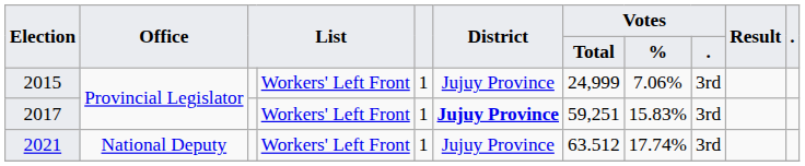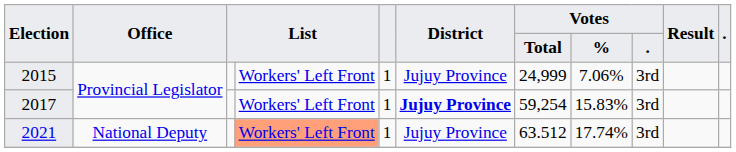 <table class="wikitable" style="font-size:90%; text-align:center;">
 <tr>
 <th style="background-color:#EAECF0;" rowspan=2>Election</th>
 <th style="background-color:#EAECF0;" rowspan=2>Office</th>
 <th style="background-color:#EAECF0;" colspan=2 rowspan=2>List</th>
 <th style="background-color:#EAECF0;" rowspan=2></th>
 <th style="background-color:#EAECF0;" rowspan=2>District</th>
 <th style="background-color:#EAECF0;" colspan=3>Votes</th>
 <th style="background-color:#EAECF0;" rowspan=2>Result</th>
 <th style="background-color:#EAECF0;" rowspan=2>.</th>
 </tr>
 <tr>
 <th style="background-color:#EAECF0;">Total</th>
 <th style="background-color:#EAECF0;">%</th>
 <th style="background-color:#EAECF0;">.</th>
 </tr>
 <tr>
 <td style="background-color:#EAECF0;">2015</td>
 <td rowspan="2"><a href='#'>Provincial Legislator</a></td>
 <td style="background-color:"></td>
 <td><a href='#'>Workers' Left Front</a></td>
 <td>1</td>
 <td><a href='#'>Jujuy Province</a></td>
 <td>24,999</td>
 <td>7.06%</td>
 <td>3rd</td>
 <td></td>
 <td></td>
 </tr>
 <tr>
 <td style="background-color:#EAECF0;">2017</td>
 <td style="background-color:"></td>
 <td><a href='#'>Workers' Left Front</a></td>
 <td>1</td>
 <td><strong><a href='#'>Jujuy Province</a></strong></td>
-<td>59,251</td>
+<td>59,254</td>
 <td>15.83%</td>
 <td>3rd</td>
 <td></td>
 <td></td>
 </tr>
 <tr>
 <td style="background-color:#EAECF0;"><a href='#'>2021</a></td>
 <td><a href='#'>National Deputy</a></td>
 <td style="background-color:"></td>
-<td><a href='#'>Workers' Left Front</a></td>
+<td style="background: lightsalmon;"><a href='#'>Workers' Left Front</a></td>
 <td>1</td>
 <td><a href='#'>Jujuy Province</a></td>
 <td>63.512</td>
 <td>17.74%</td>
 <td>3rd</td>
 <td></td>
 <td></td>
 </tr>
 <tr>
 </tr>
 </table>
